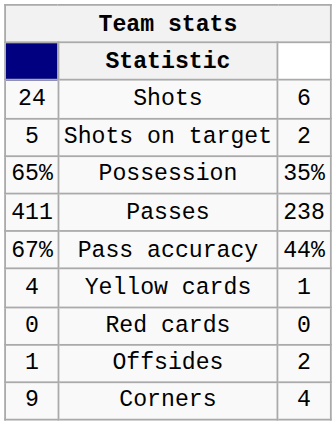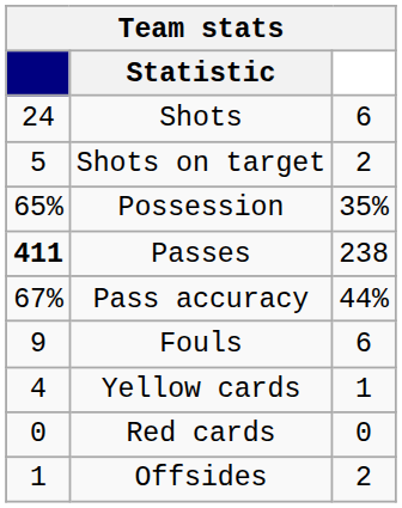 <table class="wikitable" style="margin-left: auto; margin-right: auto; border: none; text-align:center;">
 <tr>
 <th colspan=3>Team stats</th>
 </tr>
 <tr>
 <th style="background: #000080; color: #FFFFFF;"> <a href='#'></a></th>
 <th>Statistic</th>
 <th style="background: #FFFFFF; color: #239f40;"> <a href='#'></a></th>
 </tr>
 <tr>
 <td>24</td>
 <td>Shots</td>
 <td>6</td>
 </tr>
 <tr>
 <td>5</td>
 <td>Shots on target</td>
 <td>2</td>
 </tr>
 <tr>
 <td>65%</td>
 <td>Possession</td>
 <td>35%</td>
 </tr>
 <tr>
-<td>411</td>
+<td><strong>411</strong></td>
 <td>Passes</td>
 <td>238</td>
 </tr>
 <tr>
 <td>67%</td>
 <td>Pass accuracy</td>
 <td>44%</td>
+</tr>
+<tr>
+<td>9</td>
+<td>Fouls</td>
+<td>6</td>
 </tr>
 <tr>
 <td>4</td>
 <td>Yellow cards</td>
 <td>1</td>
 </tr>
 <tr>
 <td>0</td>
 <td>Red cards</td>
 <td>0</td>
 </tr>
 <tr>
 <td>1</td>
 <td>Offsides</td>
 <td>2</td>
 </tr>
-<tr>
-<td>9</td>
-<td>Corners</td>
-<td>4</td>
-</tr>
 </table>
